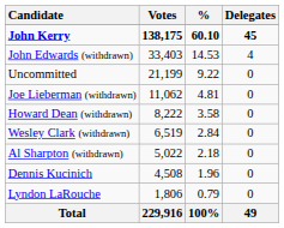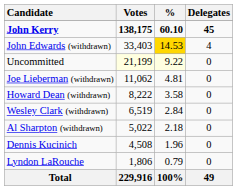 <table class="wikitable sortable plainrowheaders" style="text-align:right;">
 <tr>
 <th style="text-align:left;">Candidate</th>
 <th>Votes</th>
 <th>%</th>
 <th>Delegates</th>
 </tr>
 <tr>
 </tr>
 <tr>
 <td style="text-align:left;"><strong><a href='#'>John Kerry</a></strong></td>
 <td><strong>138,175</strong></td>
 <td><strong>60.10</strong></td>
 <td style="text-align:center;"><strong>45</strong></td>
 </tr>
 <tr>
 <td style="text-align:left;"><a href='#'>John Edwards</a> <small>(withdrawn)</small></td>
 <td>33,403</td>
-<td>14.53</td>
+<td style="background: gold;">14.53</td>
 <td style="text-align:center;">4</td>
 </tr>
 <tr>
 <td style="text-align:left;">Uncommitted</td>
-<td>21,199</td>
-<td>9.22</td>
+<td style="background: lightyellow;">21,199</td>
+<td style="background: lightyellow;">9.22</td>
 <td style="text-align:center;">0</td>
 </tr>
 <tr>
 <td style="text-align:left;"><a href='#'>Joe Lieberman</a> <small>(withdrawn)</small></td>
 <td>11,062</td>
 <td>4.81</td>
 <td style="text-align:center;">0</td>
 </tr>
 <tr>
 <td style="text-align:left;"><a href='#'>Howard Dean</a> <small>(withdrawn)</small></td>
 <td>8,222</td>
 <td>3.58</td>
 <td style="text-align:center;">0</td>
 </tr>
 <tr>
 <td style="text-align:left;"><a href='#'>Wesley Clark</a> <small>(withdrawn)</small></td>
 <td>6,519</td>
 <td>2.84</td>
 <td style="text-align:center;">0</td>
 </tr>
 <tr>
 <td style="text-align:left;"><a href='#'>Al Sharpton</a> <small>(withdrawn)</small></td>
 <td>5,022</td>
 <td>2.18</td>
 <td style="text-align:center;">0</td>
 </tr>
 <tr>
 <td style="text-align:left;"><a href='#'>Dennis Kucinich</a></td>
 <td>4,508</td>
 <td>1.96</td>
 <td style="text-align:center;">0</td>
 </tr>
 <tr>
 <td style="text-align:left;"><a href='#'>Lyndon LaRouche</a></td>
 <td>1,806</td>
 <td>0.79</td>
 <td style="text-align:center;">0</td>
 </tr>
 <tr class="sortbottom">
 <th>Total</th>
 <th>229,916</th>
 <th>100%</th>
 <th>49</th>
 </tr>
 </table>
